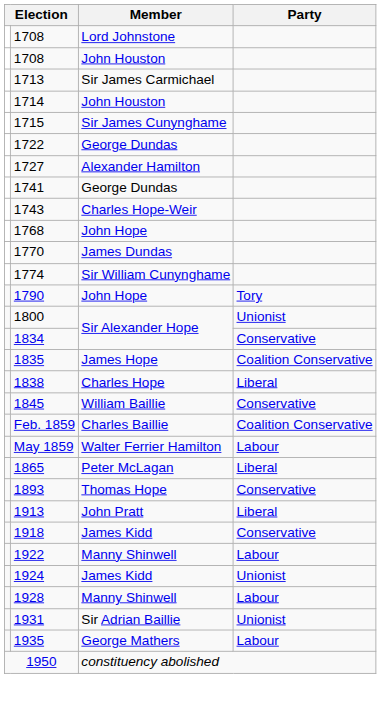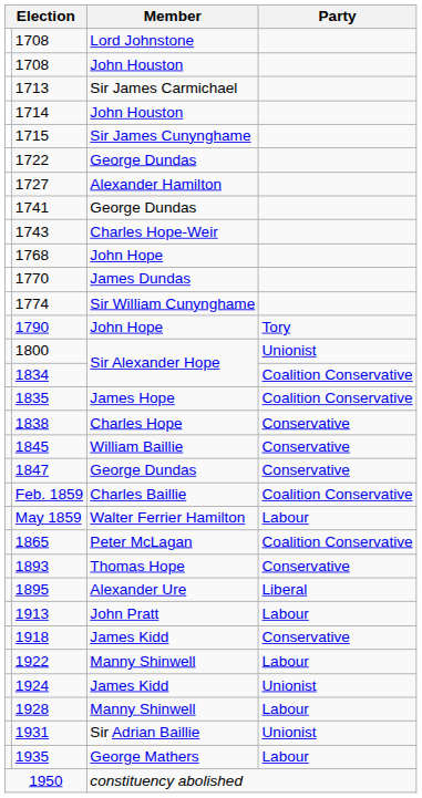 <table class="wikitable">
 <tr>
 <th colspan="2">Election</th>
 <th>Member</th>
 <th>Party</th>
 </tr>
 <tr>
 <td style="color:inherit;background-color: white"></td>
 <td>1708</td>
 <td><a href='#'>Lord Johnstone</a></td>
 <td></td>
 </tr>
 <tr>
 <td style="color:inherit;background-color: white"></td>
 <td>1708</td>
 <td><a href='#'>John Houston</a></td>
 <td></td>
 </tr>
 <tr>
 <td style="color:inherit;background-color: white"></td>
 <td>1713</td>
 <td>Sir James Carmichael</td>
 <td></td>
 </tr>
 <tr>
 <td style="color:inherit;background-color: white"></td>
 <td>1714</td>
 <td><a href='#'>John Houston</a></td>
 <td></td>
 </tr>
 <tr>
 <td style="color:inherit;background-color: white"></td>
 <td>1715</td>
 <td><a href='#'>Sir James Cunynghame</a></td>
 <td></td>
 </tr>
 <tr>
 <td style="color:inherit;background-color: white"></td>
 <td>1722</td>
 <td><a href='#'>George Dundas</a></td>
 <td></td>
 </tr>
 <tr>
 <td style="color:inherit;background-color: white"></td>
 <td>1727</td>
 <td><a href='#'>Alexander Hamilton</a></td>
 <td></td>
 </tr>
 <tr>
 <td style="color:inherit;background-color: white"></td>
 <td>1741</td>
 <td>George Dundas</td>
 <td></td>
 </tr>
 <tr>
 <td style="color:inherit;background-color: white"></td>
 <td>1743</td>
 <td><a href='#'>Charles Hope-Weir</a></td>
 <td></td>
 </tr>
 <tr>
 <td style="color:inherit;background-color: white"></td>
 <td>1768</td>
 <td><a href='#'>John Hope</a></td>
 <td></td>
 </tr>
 <tr>
 <td style="color:inherit;background-color: white"></td>
 <td>1770</td>
 <td><a href='#'>James Dundas</a></td>
 <td></td>
 </tr>
 <tr>
 <td style="color:inherit;background-color: white"></td>
 <td>1774</td>
 <td><a href='#'>Sir William Cunynghame</a></td>
 <td></td>
 </tr>
 <tr>
 <td style="color:inherit;background-color: "></td>
 <td><a href='#'>1790</a></td>
 <td><a href='#'>John Hope</a></td>
 <td><a href='#'>Tory</a></td>
 </tr>
 <tr>
 <td style="color:inherit;background-color: "></td>
 <td>1800</td>
 <td rowspan="2"><a href='#'>Sir Alexander Hope</a></td>
 <td><a href='#'>Unionist</a></td>
 </tr>
 <tr>
 <td style="color:inherit;background-color: "></td>
 <td><a href='#'>1834</a></td>
-<td><a href='#'>Conservative</a></td>
+<td><a href='#'>Coalition Conservative</a></td>
 </tr>
 <tr>
 <td style="color:inherit;background-color: "></td>
 <td><a href='#'>1835</a></td>
 <td><a href='#'>James Hope</a></td>
 <td><a href='#'>Coalition Conservative</a></td>
 </tr>
 <tr>
 <td style="color:inherit;background-color: "></td>
 <td><a href='#'>1838</a></td>
 <td><a href='#'>Charles Hope</a></td>
-<td><a href='#'>Liberal</a></td>
+<td><a href='#'>Conservative</a></td>
 </tr>
 <tr>
 <td style="color:inherit;background-color: "></td>
 <td><a href='#'>1845</a></td>
 <td><a href='#'>William Baillie</a></td>
+<td><a href='#'>Conservative</a></td>
+</tr>
+<tr>
+<td style="color:inherit;background-color: "></td>
+<td><a href='#'>1847</a></td>
+<td><a href='#'>George Dundas</a></td>
 <td><a href='#'>Conservative</a></td>
 </tr>
 <tr>
 <td style="color:inherit;background-color: "></td>
 <td><a href='#'>Feb. 1859</a></td>
 <td><a href='#'>Charles Baillie</a></td>
 <td><a href='#'>Coalition Conservative</a></td>
 </tr>
 <tr>
 <td style="color:inherit;background-color: "></td>
 <td><a href='#'>May 1859</a></td>
 <td><a href='#'>Walter Ferrier Hamilton</a></td>
 <td><a href='#'>Labour</a></td>
 </tr>
 <tr>
 <td style="color:inherit;background-color: "></td>
 <td><a href='#'>1865</a></td>
 <td><a href='#'>Peter McLagan</a></td>
-<td><a href='#'>Liberal</a></td>
+<td><a href='#'>Coalition Conservative</a></td>
 </tr>
 <tr>
 <td style="color:inherit;background-color: "></td>
 <td><a href='#'>1893</a></td>
 <td><a href='#'>Thomas Hope</a></td>
 <td><a href='#'>Conservative</a></td>
 </tr>
 <tr>
 <td style="color:inherit;background-color: "></td>
+<td><a href='#'>1895</a></td>
+<td><a href='#'>Alexander Ure</a></td>
+<td><a href='#'>Liberal</a></td>
+</tr>
+<tr>
+<td style="color:inherit;background-color: "></td>
 <td><a href='#'>1913</a></td>
 <td><a href='#'>John Pratt</a></td>
-<td><a href='#'>Liberal</a></td>
+<td><a href='#'>Labour</a></td>
 </tr>
 <tr>
 <td style="color:inherit;background-color: "></td>
 <td><a href='#'>1918</a></td>
 <td><a href='#'>James Kidd</a></td>
 <td><a href='#'>Conservative</a></td>
 </tr>
 <tr>
 <td style="color:inherit;background-color: "></td>
 <td><a href='#'>1922</a></td>
 <td><a href='#'>Manny Shinwell</a></td>
 <td><a href='#'>Labour</a></td>
 </tr>
 <tr>
 <td style="color:inherit;background-color: "></td>
 <td><a href='#'>1924</a></td>
 <td><a href='#'>James Kidd</a></td>
 <td><a href='#'>Unionist</a></td>
 </tr>
 <tr>
 <td style="color:inherit;background-color: "></td>
 <td><a href='#'>1928</a></td>
 <td><a href='#'>Manny Shinwell</a></td>
 <td><a href='#'>Labour</a></td>
 </tr>
 <tr>
 <td style="color:inherit;background-color: "></td>
 <td><a href='#'>1931</a></td>
 <td>Sir <a href='#'>Adrian Baillie</a></td>
 <td><a href='#'>Unionist</a></td>
 </tr>
 <tr>
 <td style="color:inherit;background-color: "></td>
 <td><a href='#'>1935</a></td>
 <td><a href='#'>George Mathers</a></td>
 <td><a href='#'>Labour</a></td>
 </tr>
 <tr>
 <td colspan="2" align="center"><a href='#'>1950</a></td>
 <td colspan="2"><em>constituency abolished</em></td>
 </tr>
 </table>
